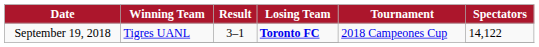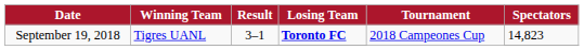 <table class="wikitable"  style="text-align:left; width:80%;" style="text-align:center">
 <tr>
 <th style="text-align:center; background:#AC162C; color:#FFFFFF; ">Date</th>
 <th style="text-align:center; background:#AC162C; color:#FFFFFF; ">Winning Team</th>
 <th style="text-align:center; background:#AC162C; color:#FFFFFF; ">Result</th>
 <th style="text-align:center; background:#AC162C; color:#FFFFFF; ">Losing Team</th>
 <th style="text-align:center; background:#AC162C; color:#FFFFFF; ">Tournament</th>
 <th style="text-align:center; background:#AC162C; color:#FFFFFF; ">Spectators</th>
 </tr>
 <tr>
 <td style="text-align:center;" rowspan=2>September 19, 2018</td>
 <td> <a href='#'>Tigres UANL</a></td>
 <td style="text-align:center;">3–1</td>
 <td><strong> <a href='#'>Toronto FC</a></strong></td>
 <td rowspan=2><a href='#'>2018 Campeones Cup</a></td>
-<td>14,122</td>
+<td>14,823</td>
 </tr>
 <tr>
 </tr>
 </table>
